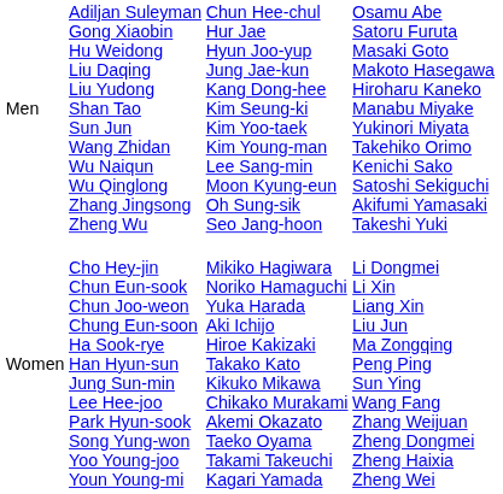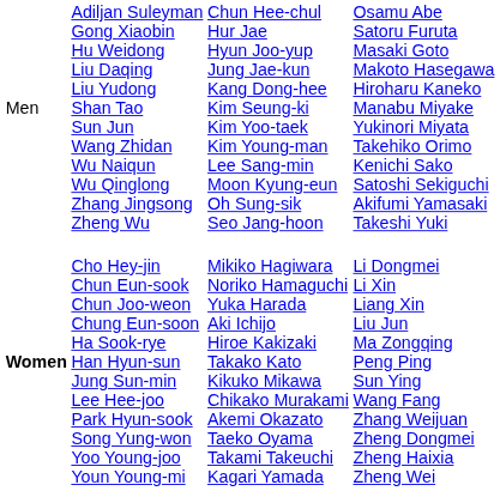 <table>
 <tr>
 <td>Men<br></td>
 <td><br><a href='#'>Adiljan Suleyman</a><br><a href='#'>Gong Xiaobin</a><br><a href='#'>Hu Weidong</a><br><a href='#'>Liu Daqing</a><br><a href='#'>Liu Yudong</a><br><a href='#'>Shan Tao</a><br><a href='#'>Sun Jun</a><br><a href='#'>Wang Zhidan</a><br><a href='#'>Wu Naiqun</a><br><a href='#'>Wu Qinglong</a><br><a href='#'>Zhang Jingsong</a><br><a href='#'>Zheng Wu</a></td>
 <td><br><a href='#'>Chun Hee-chul</a><br><a href='#'>Hur Jae</a><br><a href='#'>Hyun Joo-yup</a><br><a href='#'>Jung Jae-kun</a><br><a href='#'>Kang Dong-hee</a><br><a href='#'>Kim Seung-ki</a><br><a href='#'>Kim Yoo-taek</a><br><a href='#'>Kim Young-man</a><br><a href='#'>Lee Sang-min</a><br><a href='#'>Moon Kyung-eun</a><br><a href='#'>Oh Sung-sik</a><br><a href='#'>Seo Jang-hoon</a></td>
 <td><br><a href='#'>Osamu Abe</a><br><a href='#'>Satoru Furuta</a><br><a href='#'>Masaki Goto</a><br><a href='#'>Makoto Hasegawa</a><br><a href='#'>Hiroharu Kaneko</a><br><a href='#'>Manabu Miyake</a><br><a href='#'>Yukinori Miyata</a><br><a href='#'>Takehiko Orimo</a><br><a href='#'>Kenichi Sako</a><br><a href='#'>Satoshi Sekiguchi</a><br><a href='#'>Akifumi Yamasaki</a><br><a href='#'>Takeshi Yuki</a></td>
 </tr>
 <tr>
-<td>Women<br></td>
+<td><strong>Women<br></strong></td>
 <td><br><a href='#'>Cho Hey-jin</a><br><a href='#'>Chun Eun-sook</a><br><a href='#'>Chun Joo-weon</a><br><a href='#'>Chung Eun-soon</a><br><a href='#'>Ha Sook-rye</a><br><a href='#'>Han Hyun-sun</a><br><a href='#'>Jung Sun-min</a><br><a href='#'>Lee Hee-joo</a><br><a href='#'>Park Hyun-sook</a><br><a href='#'>Song Yung-won</a><br><a href='#'>Yoo Young-joo</a><br><a href='#'>Youn Young-mi</a></td>
 <td><br><a href='#'>Mikiko Hagiwara</a><br><a href='#'>Noriko Hamaguchi</a><br><a href='#'>Yuka Harada</a><br><a href='#'>Aki Ichijo</a><br><a href='#'>Hiroe Kakizaki</a><br><a href='#'>Takako Kato</a><br><a href='#'>Kikuko Mikawa</a><br><a href='#'>Chikako Murakami</a><br><a href='#'>Akemi Okazato</a><br><a href='#'>Taeko Oyama</a><br><a href='#'>Takami Takeuchi</a><br><a href='#'>Kagari Yamada</a></td>
 <td><br><a href='#'>Li Dongmei</a><br><a href='#'>Li Xin</a><br><a href='#'>Liang Xin</a><br><a href='#'>Liu Jun</a><br><a href='#'>Ma Zongqing</a><br><a href='#'>Peng Ping</a><br><a href='#'>Sun Ying</a><br><a href='#'>Wang Fang</a><br><a href='#'>Zhang Weijuan</a><br><a href='#'>Zheng Dongmei</a><br><a href='#'>Zheng Haixia</a><br><a href='#'>Zheng Wei</a></td>
 </tr>
 </table>
